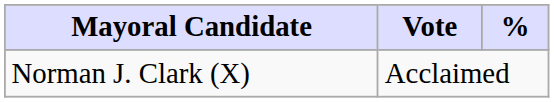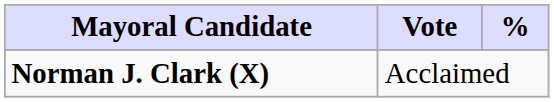 <table class="wikitable">
 <tr>
 <th style="background:#ddf; width:200px;">Mayoral Candidate</th>
 <th style="background:#ddf; width:50px;">Vote</th>
 <th style="background:#ddf; width:30px;">%</th>
 </tr>
 <tr>
-<td>Norman J. Clark (X)</td>
+<td><strong>Norman J. Clark (X)</strong></td>
 <td colspan="2">Acclaimed</td>
 </tr>
 </table>
